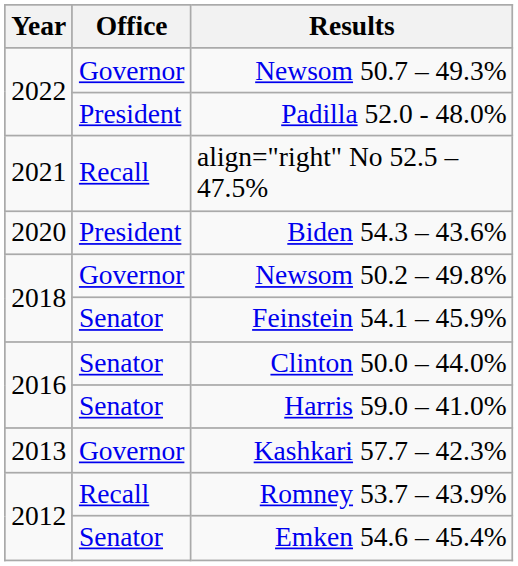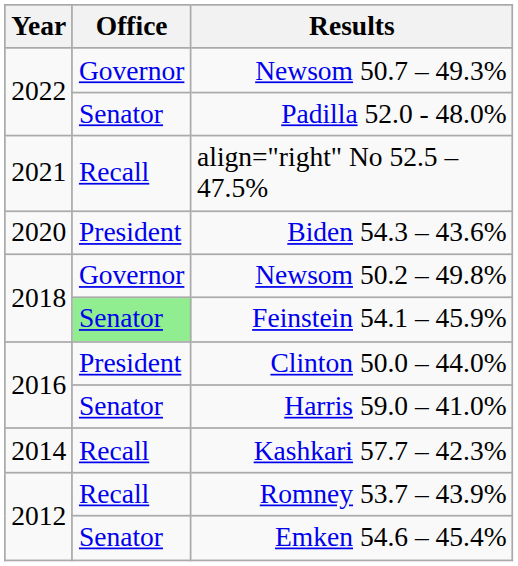 <table class=wikitable>
 <tr>
 <th width="30">Year</th>
 <th width="60">Office</th>
 <th width="180">Results</th>
 </tr>
 <tr>
 <td rowspan="2">2022</td>
 <td><a href='#'>Governor</a></td>
 <td align="right" ><a href='#'>Newsom</a> 50.7 – 49.3%</td>
 </tr>
 <tr>
-<td><a href='#'>President</a></td>
+<td><a href='#'>Senator</a></td>
 <td align="right" ><a href='#'>Padilla</a> 52.0 - 48.0%</td>
 </tr>
 <tr>
 <td>2021</td>
 <td><a href='#'>Recall</a></td>
 <td>align="right"  No 52.5 – 47.5%</td>
 </tr>
 <tr>
 <td rowspan="1">2020</td>
 <td><a href='#'>President</a></td>
 <td align="right" ><a href='#'>Biden</a> 54.3 – 43.6%</td>
 </tr>
 <tr>
 <td rowspan="2">2018</td>
 <td><a href='#'>Governor</a></td>
 <td align="right" ><a href='#'>Newsom</a> 50.2 – 49.8%</td>
 </tr>
 <tr>
-<td><a href='#'>Senator</a></td>
+<td style="background: lightgreen;"><a href='#'>Senator</a></td>
 <td align="right" ><a href='#'>Feinstein</a> 54.1 – 45.9%</td>
 </tr>
 <tr>
 <td rowspan="2">2016</td>
-<td><a href='#'>Senator</a></td>
+<td><a href='#'>President</a></td>
 <td align="right" ><a href='#'>Clinton</a> 50.0 – 44.0%</td>
 </tr>
 <tr>
 <td><a href='#'>Senator</a></td>
 <td align="right" ><a href='#'>Harris</a> 59.0 – 41.0%</td>
 </tr>
 <tr>
-<td>2013</td>
-<td><a href='#'>Governor</a></td>
+<td>2014</td>
+<td><a href='#'>Recall</a></td>
 <td align="right" ><a href='#'>Kashkari</a> 57.7 – 42.3%</td>
 </tr>
 <tr>
 <td rowspan="2">2012</td>
 <td><a href='#'>Recall</a></td>
 <td align="right" ><a href='#'>Romney</a> 53.7 – 43.9%</td>
 </tr>
 <tr>
 <td><a href='#'>Senator</a></td>
 <td align="right" ><a href='#'>Emken</a> 54.6 – 45.4%</td>
 </tr>
 </table>
